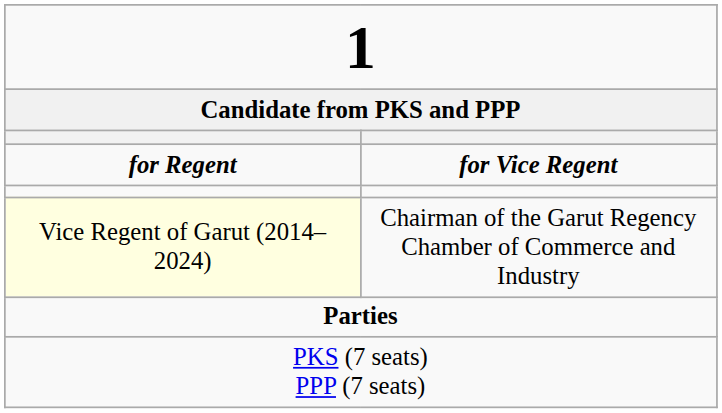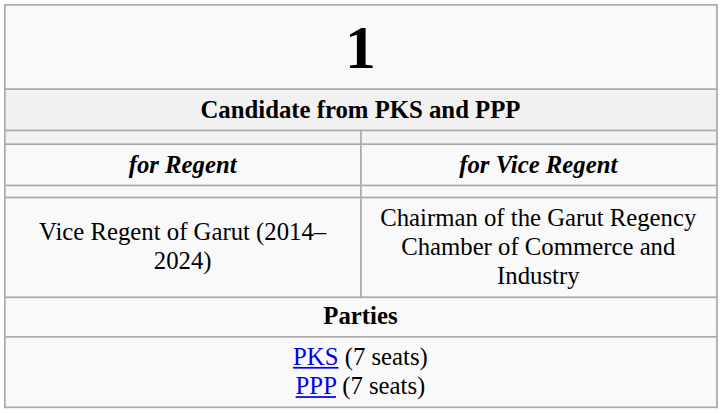 <table class="wikitable" style="font-size:90%; text-align:center;">
 <tr>
 <td colspan=2><big><big><big><big><big><strong>1</strong></big></big></big></big></big></td>
 </tr>
 <tr>
 <td colspan=2 style="background:#f1f1f1;"><strong>Candidate from PKS and PPP</strong></td>
 </tr>
 <tr>
 <th style="width:3em; font-size:135%; background:#"></th>
 <th style="width:3em; font-size:135%; background:#"></th>
 </tr>
 <tr style="color:#000; font-size:100%; background:#">
 <td style="width:3em; width:200px;"><strong><em>for Regent</em></strong></td>
 <td style="width:3em; width:200px;"><strong><em>for Vice Regent</em></strong></td>
 </tr>
 <tr>
 <td></td>
 <td></td>
 </tr>
 <tr>
-<td style="background: lightyellow;">Vice Regent of Garut (2014–2024)</td>
+<td>Vice Regent of Garut (2014–2024)</td>
 <td>Chairman of the Garut Regency Chamber of Commerce and Industry</td>
 </tr>
 <tr>
 <td colspan=2><strong>Parties</strong></td>
 </tr>
 <tr>
 <td colspan=2> <a href='#'>PKS</a> (7 seats)<br><a href='#'>PPP</a> (7 seats)</td>
 </tr>
 </table>
